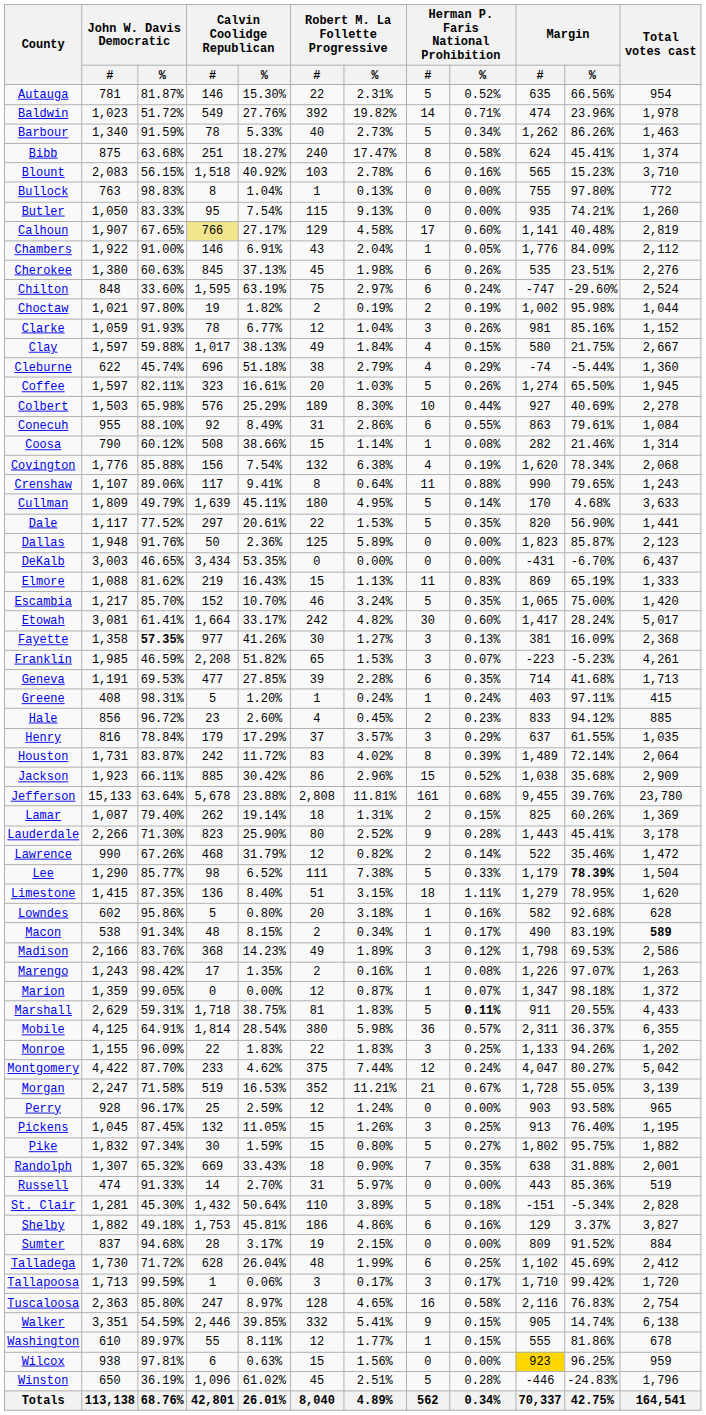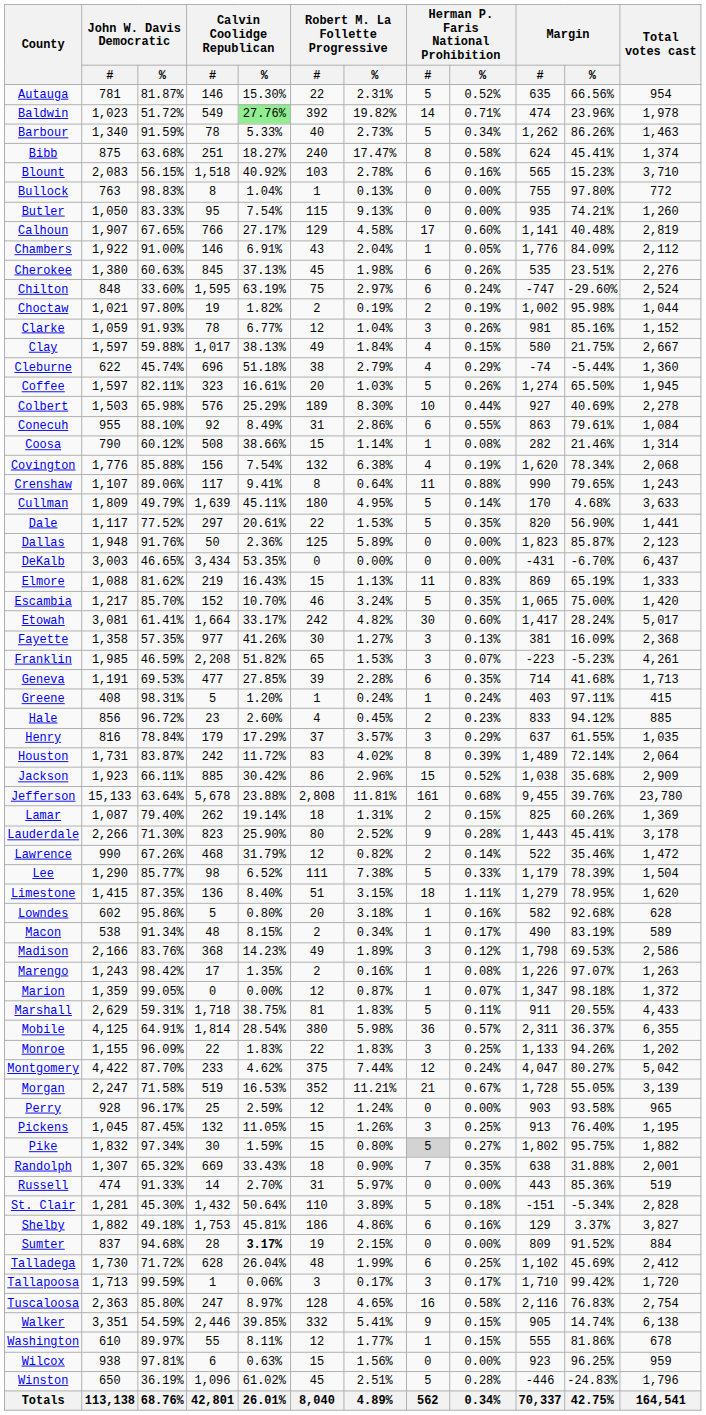 <table width="60%" class="wikitable sortable" style="text-align:center;">
 <tr>
 <th rowspan="2">County</th>
 <th colspan="2">John W. Davis<br>Democratic</th>
 <th colspan="2">Calvin Coolidge<br>Republican</th>
 <th colspan="2">Robert M. La Follette<br>Progressive</th>
 <th colspan="2">Herman P. Faris<br>National Prohibition</th>
 <th colspan="2">Margin</th>
 <th rowspan="2">Total votes cast</th>
 </tr>
 <tr>
 <th style="text-align:center;" data-sort-type="number">#</th>
 <th style="text-align:center;" data-sort-type="number">%</th>
 <th style="text-align:center;" data-sort-type="number">#</th>
 <th style="text-align:center;" data-sort-type="number">%</th>
 <th style="text-align:center;" data-sort-type="number">#</th>
 <th style="text-align:center;" data-sort-type="number">%</th>
 <th style="text-align:center;" data-sort-type="number">#</th>
 <th style="text-align:center;" data-sort-type="number">%</th>
 <th style="text-align:center;" data-sort-type="number">#</th>
 <th style="text-align:center;" data-sort-type="number">%</th>
 </tr>
 <tr>
 <td><a href='#'>Autauga</a></td>
 <td>781</td>
 <td>81.87%</td>
 <td>146</td>
 <td>15.30%</td>
 <td>22</td>
 <td>2.31%</td>
 <td>5</td>
 <td>0.52%</td>
 <td>635</td>
 <td>66.56%</td>
 <td>954</td>
 </tr>
 <tr>
 <td><a href='#'>Baldwin</a></td>
 <td>1,023</td>
 <td>51.72%</td>
 <td>549</td>
-<td>27.76%</td>
+<td style="background: lightgreen;">27.76%</td>
 <td>392</td>
 <td>19.82%</td>
 <td>14</td>
 <td>0.71%</td>
 <td>474</td>
 <td>23.96%</td>
 <td>1,978</td>
 </tr>
 <tr>
 <td><a href='#'>Barbour</a></td>
 <td>1,340</td>
 <td>91.59%</td>
 <td>78</td>
 <td>5.33%</td>
 <td>40</td>
 <td>2.73%</td>
 <td>5</td>
 <td>0.34%</td>
 <td>1,262</td>
 <td>86.26%</td>
 <td>1,463</td>
 </tr>
 <tr>
 <td><a href='#'>Bibb</a></td>
 <td>875</td>
 <td>63.68%</td>
 <td>251</td>
 <td>18.27%</td>
 <td>240</td>
 <td>17.47%</td>
 <td>8</td>
 <td>0.58%</td>
 <td>624</td>
 <td>45.41%</td>
 <td>1,374</td>
 </tr>
 <tr>
 <td><a href='#'>Blount</a></td>
 <td>2,083</td>
 <td>56.15%</td>
 <td>1,518</td>
 <td>40.92%</td>
 <td>103</td>
 <td>2.78%</td>
 <td>6</td>
 <td>0.16%</td>
 <td>565</td>
 <td>15.23%</td>
 <td>3,710</td>
 </tr>
 <tr>
 <td><a href='#'>Bullock</a></td>
 <td>763</td>
 <td>98.83%</td>
 <td>8</td>
 <td>1.04%</td>
 <td>1</td>
 <td>0.13%</td>
 <td>0</td>
 <td>0.00%</td>
 <td>755</td>
 <td>97.80%</td>
 <td>772</td>
 </tr>
 <tr>
 <td><a href='#'>Butler</a></td>
 <td>1,050</td>
 <td>83.33%</td>
 <td>95</td>
 <td>7.54%</td>
 <td>115</td>
 <td>9.13%</td>
 <td>0</td>
 <td>0.00%</td>
 <td>935</td>
 <td>74.21%</td>
 <td>1,260</td>
 </tr>
 <tr>
 <td><a href='#'>Calhoun</a></td>
 <td>1,907</td>
 <td>67.65%</td>
-<td style="background: khaki;">766</td>
+<td>766</td>
 <td>27.17%</td>
 <td>129</td>
 <td>4.58%</td>
 <td>17</td>
 <td>0.60%</td>
 <td>1,141</td>
 <td>40.48%</td>
 <td>2,819</td>
 </tr>
 <tr>
 <td><a href='#'>Chambers</a></td>
 <td>1,922</td>
 <td>91.00%</td>
 <td>146</td>
 <td>6.91%</td>
 <td>43</td>
 <td>2.04%</td>
 <td>1</td>
 <td>0.05%</td>
 <td>1,776</td>
 <td>84.09%</td>
 <td>2,112</td>
 </tr>
 <tr>
 <td><a href='#'>Cherokee</a></td>
 <td>1,380</td>
 <td>60.63%</td>
 <td>845</td>
 <td>37.13%</td>
 <td>45</td>
 <td>1.98%</td>
 <td>6</td>
 <td>0.26%</td>
 <td>535</td>
 <td>23.51%</td>
 <td>2,276</td>
 </tr>
 <tr>
 <td><a href='#'>Chilton</a></td>
 <td>848</td>
 <td>33.60%</td>
 <td>1,595</td>
 <td>63.19%</td>
 <td>75</td>
 <td>2.97%</td>
 <td>6</td>
 <td>0.24%</td>
 <td>-747</td>
 <td>-29.60%</td>
 <td>2,524</td>
 </tr>
 <tr>
 <td><a href='#'>Choctaw</a></td>
 <td>1,021</td>
 <td>97.80%</td>
 <td>19</td>
 <td>1.82%</td>
 <td>2</td>
 <td>0.19%</td>
 <td>2</td>
 <td>0.19%</td>
 <td>1,002</td>
 <td>95.98%</td>
 <td>1,044</td>
 </tr>
 <tr>
 <td><a href='#'>Clarke</a></td>
 <td>1,059</td>
 <td>91.93%</td>
 <td>78</td>
 <td>6.77%</td>
 <td>12</td>
 <td>1.04%</td>
 <td>3</td>
 <td>0.26%</td>
 <td>981</td>
 <td>85.16%</td>
 <td>1,152</td>
 </tr>
 <tr>
 <td><a href='#'>Clay</a></td>
 <td>1,597</td>
 <td>59.88%</td>
 <td>1,017</td>
 <td>38.13%</td>
 <td>49</td>
 <td>1.84%</td>
 <td>4</td>
 <td>0.15%</td>
 <td>580</td>
 <td>21.75%</td>
 <td>2,667</td>
 </tr>
 <tr>
 <td><a href='#'>Cleburne</a></td>
 <td>622</td>
 <td>45.74%</td>
 <td>696</td>
 <td>51.18%</td>
 <td>38</td>
 <td>2.79%</td>
 <td>4</td>
 <td>0.29%</td>
 <td>-74</td>
 <td>-5.44%</td>
 <td>1,360</td>
 </tr>
 <tr>
 <td><a href='#'>Coffee</a></td>
 <td>1,597</td>
 <td>82.11%</td>
 <td>323</td>
 <td>16.61%</td>
 <td>20</td>
 <td>1.03%</td>
 <td>5</td>
 <td>0.26%</td>
 <td>1,274</td>
 <td>65.50%</td>
 <td>1,945</td>
 </tr>
 <tr>
 <td><a href='#'>Colbert</a></td>
 <td>1,503</td>
 <td>65.98%</td>
 <td>576</td>
 <td>25.29%</td>
 <td>189</td>
 <td>8.30%</td>
 <td>10</td>
 <td>0.44%</td>
 <td>927</td>
 <td>40.69%</td>
 <td>2,278</td>
 </tr>
 <tr>
 <td><a href='#'>Conecuh</a></td>
 <td>955</td>
 <td>88.10%</td>
 <td>92</td>
 <td>8.49%</td>
 <td>31</td>
 <td>2.86%</td>
 <td>6</td>
 <td>0.55%</td>
 <td>863</td>
 <td>79.61%</td>
 <td>1,084</td>
 </tr>
 <tr>
 <td><a href='#'>Coosa</a></td>
 <td>790</td>
 <td>60.12%</td>
 <td>508</td>
 <td>38.66%</td>
 <td>15</td>
 <td>1.14%</td>
 <td>1</td>
 <td>0.08%</td>
 <td>282</td>
 <td>21.46%</td>
 <td>1,314</td>
 </tr>
 <tr>
 <td><a href='#'>Covington</a></td>
 <td>1,776</td>
 <td>85.88%</td>
 <td>156</td>
 <td>7.54%</td>
 <td>132</td>
 <td>6.38%</td>
 <td>4</td>
 <td>0.19%</td>
 <td>1,620</td>
 <td>78.34%</td>
 <td>2,068</td>
 </tr>
 <tr>
 <td><a href='#'>Crenshaw</a></td>
 <td>1,107</td>
 <td>89.06%</td>
 <td>117</td>
 <td>9.41%</td>
 <td>8</td>
 <td>0.64%</td>
 <td>11</td>
 <td>0.88%</td>
 <td>990</td>
 <td>79.65%</td>
 <td>1,243</td>
 </tr>
 <tr>
 <td><a href='#'>Cullman</a></td>
 <td>1,809</td>
 <td>49.79%</td>
 <td>1,639</td>
 <td>45.11%</td>
 <td>180</td>
 <td>4.95%</td>
 <td>5</td>
 <td>0.14%</td>
 <td>170</td>
 <td>4.68%</td>
 <td>3,633</td>
 </tr>
 <tr>
 <td><a href='#'>Dale</a></td>
 <td>1,117</td>
 <td>77.52%</td>
 <td>297</td>
 <td>20.61%</td>
 <td>22</td>
 <td>1.53%</td>
 <td>5</td>
 <td>0.35%</td>
 <td>820</td>
 <td>56.90%</td>
 <td>1,441</td>
 </tr>
 <tr>
 <td><a href='#'>Dallas</a></td>
 <td>1,948</td>
 <td>91.76%</td>
 <td>50</td>
 <td>2.36%</td>
 <td>125</td>
 <td>5.89%</td>
 <td>0</td>
 <td>0.00%</td>
 <td>1,823</td>
 <td>85.87%</td>
 <td>2,123</td>
 </tr>
 <tr>
 <td><a href='#'>DeKalb</a></td>
 <td>3,003</td>
 <td>46.65%</td>
 <td>3,434</td>
 <td>53.35%</td>
 <td>0</td>
 <td>0.00%</td>
 <td>0</td>
 <td>0.00%</td>
 <td>-431</td>
 <td>-6.70%</td>
 <td>6,437</td>
 </tr>
 <tr>
 <td><a href='#'>Elmore</a></td>
 <td>1,088</td>
 <td>81.62%</td>
 <td>219</td>
 <td>16.43%</td>
 <td>15</td>
 <td>1.13%</td>
 <td>11</td>
 <td>0.83%</td>
 <td>869</td>
 <td>65.19%</td>
 <td>1,333</td>
 </tr>
 <tr>
 <td><a href='#'>Escambia</a></td>
 <td>1,217</td>
 <td>85.70%</td>
 <td>152</td>
 <td>10.70%</td>
 <td>46</td>
 <td>3.24%</td>
 <td>5</td>
 <td>0.35%</td>
 <td>1,065</td>
 <td>75.00%</td>
 <td>1,420</td>
 </tr>
 <tr>
 <td><a href='#'>Etowah</a></td>
 <td>3,081</td>
 <td>61.41%</td>
 <td>1,664</td>
 <td>33.17%</td>
 <td>242</td>
 <td>4.82%</td>
 <td>30</td>
 <td>0.60%</td>
 <td>1,417</td>
 <td>28.24%</td>
 <td>5,017</td>
 </tr>
 <tr>
 <td><a href='#'>Fayette</a></td>
 <td>1,358</td>
-<td><strong>57.35%</strong></td>
+<td>57.35%</td>
 <td>977</td>
 <td>41.26%</td>
 <td>30</td>
 <td>1.27%</td>
 <td>3</td>
 <td>0.13%</td>
 <td>381</td>
 <td>16.09%</td>
 <td>2,368</td>
 </tr>
 <tr>
 <td><a href='#'>Franklin</a></td>
 <td>1,985</td>
 <td>46.59%</td>
 <td>2,208</td>
 <td>51.82%</td>
 <td>65</td>
 <td>1.53%</td>
 <td>3</td>
 <td>0.07%</td>
 <td>-223</td>
 <td>-5.23%</td>
 <td>4,261</td>
 </tr>
 <tr>
 <td><a href='#'>Geneva</a></td>
 <td>1,191</td>
 <td>69.53%</td>
 <td>477</td>
 <td>27.85%</td>
 <td>39</td>
 <td>2.28%</td>
 <td>6</td>
 <td>0.35%</td>
 <td>714</td>
 <td>41.68%</td>
 <td>1,713</td>
 </tr>
 <tr>
 <td><a href='#'>Greene</a></td>
 <td>408</td>
 <td>98.31%</td>
 <td>5</td>
 <td>1.20%</td>
 <td>1</td>
 <td>0.24%</td>
 <td>1</td>
 <td>0.24%</td>
 <td>403</td>
 <td>97.11%</td>
 <td>415</td>
 </tr>
 <tr>
 <td><a href='#'>Hale</a></td>
 <td>856</td>
 <td>96.72%</td>
 <td>23</td>
 <td>2.60%</td>
 <td>4</td>
 <td>0.45%</td>
 <td>2</td>
 <td>0.23%</td>
 <td>833</td>
 <td>94.12%</td>
 <td>885</td>
 </tr>
 <tr>
 <td><a href='#'>Henry</a></td>
 <td>816</td>
 <td>78.84%</td>
 <td>179</td>
 <td>17.29%</td>
 <td>37</td>
 <td>3.57%</td>
 <td>3</td>
 <td>0.29%</td>
 <td>637</td>
 <td>61.55%</td>
 <td>1,035</td>
 </tr>
 <tr>
 <td><a href='#'>Houston</a></td>
 <td>1,731</td>
 <td>83.87%</td>
 <td>242</td>
 <td>11.72%</td>
 <td>83</td>
 <td>4.02%</td>
 <td>8</td>
 <td>0.39%</td>
 <td>1,489</td>
 <td>72.14%</td>
 <td>2,064</td>
 </tr>
 <tr>
 <td><a href='#'>Jackson</a></td>
 <td>1,923</td>
 <td>66.11%</td>
 <td>885</td>
 <td>30.42%</td>
 <td>86</td>
 <td>2.96%</td>
 <td>15</td>
 <td>0.52%</td>
 <td>1,038</td>
 <td>35.68%</td>
 <td>2,909</td>
 </tr>
 <tr>
 <td><a href='#'>Jefferson</a></td>
 <td>15,133</td>
 <td>63.64%</td>
 <td>5,678</td>
 <td>23.88%</td>
 <td>2,808</td>
 <td>11.81%</td>
 <td>161</td>
 <td>0.68%</td>
 <td>9,455</td>
 <td>39.76%</td>
 <td>23,780</td>
 </tr>
 <tr>
 <td><a href='#'>Lamar</a></td>
 <td>1,087</td>
 <td>79.40%</td>
 <td>262</td>
 <td>19.14%</td>
 <td>18</td>
 <td>1.31%</td>
 <td>2</td>
 <td>0.15%</td>
 <td>825</td>
 <td>60.26%</td>
 <td>1,369</td>
 </tr>
 <tr>
 <td><a href='#'>Lauderdale</a></td>
 <td>2,266</td>
 <td>71.30%</td>
 <td>823</td>
 <td>25.90%</td>
 <td>80</td>
 <td>2.52%</td>
 <td>9</td>
 <td>0.28%</td>
 <td>1,443</td>
 <td>45.41%</td>
 <td>3,178</td>
 </tr>
 <tr>
 <td><a href='#'>Lawrence</a></td>
 <td>990</td>
 <td>67.26%</td>
 <td>468</td>
 <td>31.79%</td>
 <td>12</td>
 <td>0.82%</td>
 <td>2</td>
 <td>0.14%</td>
 <td>522</td>
 <td>35.46%</td>
 <td>1,472</td>
 </tr>
 <tr>
 <td><a href='#'>Lee</a></td>
 <td>1,290</td>
 <td>85.77%</td>
 <td>98</td>
 <td>6.52%</td>
 <td>111</td>
 <td>7.38%</td>
 <td>5</td>
 <td>0.33%</td>
 <td>1,179</td>
-<td><strong>78.39%</strong></td>
+<td>78.39%</td>
 <td>1,504</td>
 </tr>
 <tr>
 <td><a href='#'>Limestone</a></td>
 <td>1,415</td>
 <td>87.35%</td>
 <td>136</td>
 <td>8.40%</td>
 <td>51</td>
 <td>3.15%</td>
 <td>18</td>
 <td>1.11%</td>
 <td>1,279</td>
 <td>78.95%</td>
 <td>1,620</td>
 </tr>
 <tr>
 <td><a href='#'>Lowndes</a></td>
 <td>602</td>
 <td>95.86%</td>
 <td>5</td>
 <td>0.80%</td>
 <td>20</td>
 <td>3.18%</td>
 <td>1</td>
 <td>0.16%</td>
 <td>582</td>
 <td>92.68%</td>
 <td>628</td>
 </tr>
 <tr>
 <td><a href='#'>Macon</a></td>
 <td>538</td>
 <td>91.34%</td>
 <td>48</td>
 <td>8.15%</td>
 <td>2</td>
 <td>0.34%</td>
 <td>1</td>
 <td>0.17%</td>
 <td>490</td>
 <td>83.19%</td>
-<td><strong>589</strong></td>
+<td>589</td>
 </tr>
 <tr>
 <td><a href='#'>Madison</a></td>
 <td>2,166</td>
 <td>83.76%</td>
 <td>368</td>
 <td>14.23%</td>
 <td>49</td>
 <td>1.89%</td>
 <td>3</td>
 <td>0.12%</td>
 <td>1,798</td>
 <td>69.53%</td>
 <td>2,586</td>
 </tr>
 <tr>
 <td><a href='#'>Marengo</a></td>
 <td>1,243</td>
 <td>98.42%</td>
 <td>17</td>
 <td>1.35%</td>
 <td>2</td>
 <td>0.16%</td>
 <td>1</td>
 <td>0.08%</td>
 <td>1,226</td>
 <td>97.07%</td>
 <td>1,263</td>
 </tr>
 <tr>
 <td><a href='#'>Marion</a></td>
 <td>1,359</td>
 <td>99.05%</td>
 <td>0</td>
 <td>0.00%</td>
 <td>12</td>
 <td>0.87%</td>
 <td>1</td>
 <td>0.07%</td>
 <td>1,347</td>
 <td>98.18%</td>
 <td>1,372</td>
 </tr>
 <tr>
 <td><a href='#'>Marshall</a></td>
 <td>2,629</td>
 <td>59.31%</td>
 <td>1,718</td>
 <td>38.75%</td>
 <td>81</td>
 <td>1.83%</td>
 <td>5</td>
-<td><strong>0.11%</strong></td>
+<td>0.11%</td>
 <td>911</td>
 <td>20.55%</td>
 <td>4,433</td>
 </tr>
 <tr>
 <td><a href='#'>Mobile</a></td>
 <td>4,125</td>
 <td>64.91%</td>
 <td>1,814</td>
 <td>28.54%</td>
 <td>380</td>
 <td>5.98%</td>
 <td>36</td>
 <td>0.57%</td>
 <td>2,311</td>
 <td>36.37%</td>
 <td>6,355</td>
 </tr>
 <tr>
 <td><a href='#'>Monroe</a></td>
 <td>1,155</td>
 <td>96.09%</td>
 <td>22</td>
 <td>1.83%</td>
 <td>22</td>
 <td>1.83%</td>
 <td>3</td>
 <td>0.25%</td>
 <td>1,133</td>
 <td>94.26%</td>
 <td>1,202</td>
 </tr>
 <tr>
 <td><a href='#'>Montgomery</a></td>
 <td>4,422</td>
 <td>87.70%</td>
 <td>233</td>
 <td>4.62%</td>
 <td>375</td>
 <td>7.44%</td>
 <td>12</td>
 <td>0.24%</td>
 <td>4,047</td>
 <td>80.27%</td>
 <td>5,042</td>
 </tr>
 <tr>
 <td><a href='#'>Morgan</a></td>
 <td>2,247</td>
 <td>71.58%</td>
 <td>519</td>
 <td>16.53%</td>
 <td>352</td>
 <td>11.21%</td>
 <td>21</td>
 <td>0.67%</td>
 <td>1,728</td>
 <td>55.05%</td>
 <td>3,139</td>
 </tr>
 <tr>
 <td><a href='#'>Perry</a></td>
 <td>928</td>
 <td>96.17%</td>
 <td>25</td>
 <td>2.59%</td>
 <td>12</td>
 <td>1.24%</td>
 <td>0</td>
 <td>0.00%</td>
 <td>903</td>
 <td>93.58%</td>
 <td>965</td>
 </tr>
 <tr>
 <td><a href='#'>Pickens</a></td>
 <td>1,045</td>
 <td>87.45%</td>
 <td>132</td>
 <td>11.05%</td>
 <td>15</td>
 <td>1.26%</td>
 <td>3</td>
 <td>0.25%</td>
 <td>913</td>
 <td>76.40%</td>
 <td>1,195</td>
 </tr>
 <tr>
 <td><a href='#'>Pike</a></td>
 <td>1,832</td>
 <td>97.34%</td>
 <td>30</td>
 <td>1.59%</td>
 <td>15</td>
 <td>0.80%</td>
-<td>5</td>
+<td style="background: lightgrey;">5</td>
 <td>0.27%</td>
 <td>1,802</td>
 <td>95.75%</td>
 <td>1,882</td>
 </tr>
 <tr>
 <td><a href='#'>Randolph</a></td>
 <td>1,307</td>
 <td>65.32%</td>
 <td>669</td>
 <td>33.43%</td>
 <td>18</td>
 <td>0.90%</td>
 <td>7</td>
 <td>0.35%</td>
 <td>638</td>
 <td>31.88%</td>
 <td>2,001</td>
 </tr>
 <tr>
 <td><a href='#'>Russell</a></td>
 <td>474</td>
 <td>91.33%</td>
 <td>14</td>
 <td>2.70%</td>
 <td>31</td>
 <td>5.97%</td>
 <td>0</td>
 <td>0.00%</td>
 <td>443</td>
 <td>85.36%</td>
 <td>519</td>
 </tr>
 <tr>
 <td><a href='#'>St. Clair</a></td>
 <td>1,281</td>
 <td>45.30%</td>
 <td>1,432</td>
 <td>50.64%</td>
 <td>110</td>
 <td>3.89%</td>
 <td>5</td>
 <td>0.18%</td>
 <td>-151</td>
 <td>-5.34%</td>
 <td>2,828</td>
 </tr>
 <tr>
 <td><a href='#'>Shelby</a></td>
 <td>1,882</td>
 <td>49.18%</td>
 <td>1,753</td>
 <td>45.81%</td>
 <td>186</td>
 <td>4.86%</td>
 <td>6</td>
 <td>0.16%</td>
 <td>129</td>
 <td>3.37%</td>
 <td>3,827</td>
 </tr>
 <tr>
 <td><a href='#'>Sumter</a></td>
 <td>837</td>
 <td>94.68%</td>
 <td>28</td>
-<td>3.17%</td>
+<td><strong>3.17%</strong></td>
 <td>19</td>
 <td>2.15%</td>
 <td>0</td>
 <td>0.00%</td>
 <td>809</td>
 <td>91.52%</td>
 <td>884</td>
 </tr>
 <tr>
 <td><a href='#'>Talladega</a></td>
 <td>1,730</td>
 <td>71.72%</td>
 <td>628</td>
 <td>26.04%</td>
 <td>48</td>
 <td>1.99%</td>
 <td>6</td>
 <td>0.25%</td>
 <td>1,102</td>
 <td>45.69%</td>
 <td>2,412</td>
 </tr>
 <tr>
 <td><a href='#'>Tallapoosa</a></td>
 <td>1,713</td>
 <td>99.59%</td>
 <td>1</td>
 <td>0.06%</td>
 <td>3</td>
 <td>0.17%</td>
 <td>3</td>
 <td>0.17%</td>
 <td>1,710</td>
 <td>99.42%</td>
 <td>1,720</td>
 </tr>
 <tr>
 <td><a href='#'>Tuscaloosa</a></td>
 <td>2,363</td>
 <td>85.80%</td>
 <td>247</td>
 <td>8.97%</td>
 <td>128</td>
 <td>4.65%</td>
 <td>16</td>
 <td>0.58%</td>
 <td>2,116</td>
 <td>76.83%</td>
 <td>2,754</td>
 </tr>
 <tr>
 <td><a href='#'>Walker</a></td>
 <td>3,351</td>
 <td>54.59%</td>
 <td>2,446</td>
 <td>39.85%</td>
 <td>332</td>
 <td>5.41%</td>
 <td>9</td>
 <td>0.15%</td>
 <td>905</td>
 <td>14.74%</td>
 <td>6,138</td>
 </tr>
 <tr>
 <td><a href='#'>Washington</a></td>
 <td>610</td>
 <td>89.97%</td>
 <td>55</td>
 <td>8.11%</td>
 <td>12</td>
 <td>1.77%</td>
 <td>1</td>
 <td>0.15%</td>
 <td>555</td>
 <td>81.86%</td>
 <td>678</td>
 </tr>
 <tr>
 <td><a href='#'>Wilcox</a></td>
 <td>938</td>
 <td>97.81%</td>
 <td>6</td>
 <td>0.63%</td>
 <td>15</td>
 <td>1.56%</td>
 <td>0</td>
 <td>0.00%</td>
-<td style="background: gold;">923</td>
+<td>923</td>
 <td>96.25%</td>
 <td>959</td>
 </tr>
 <tr>
 <td><a href='#'>Winston</a></td>
 <td>650</td>
 <td>36.19%</td>
 <td>1,096</td>
 <td>61.02%</td>
 <td>45</td>
 <td>2.51%</td>
 <td>5</td>
 <td>0.28%</td>
 <td>-446</td>
 <td>-24.83%</td>
 <td>1,796</td>
 </tr>
 <tr>
 <th>Totals</th>
 <th>113,138</th>
 <th>68.76%</th>
 <th>42,801</th>
 <th>26.01%</th>
 <th>8,040</th>
 <th>4.89%</th>
 <th>562</th>
 <th>0.34%</th>
 <th>70,337</th>
 <th>42.75%</th>
 <th>164,541</th>
 </tr>
 </table>
